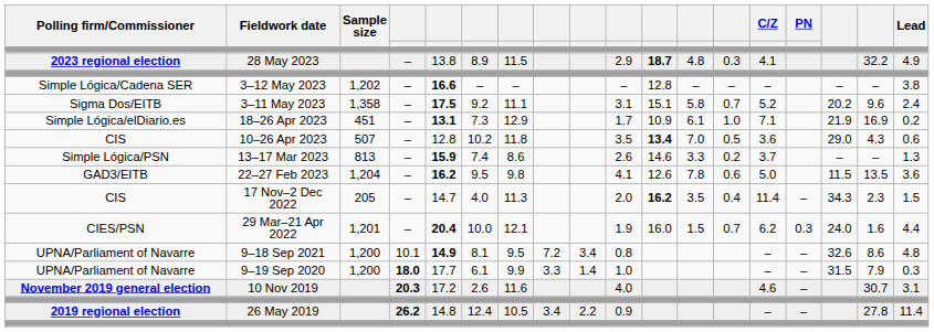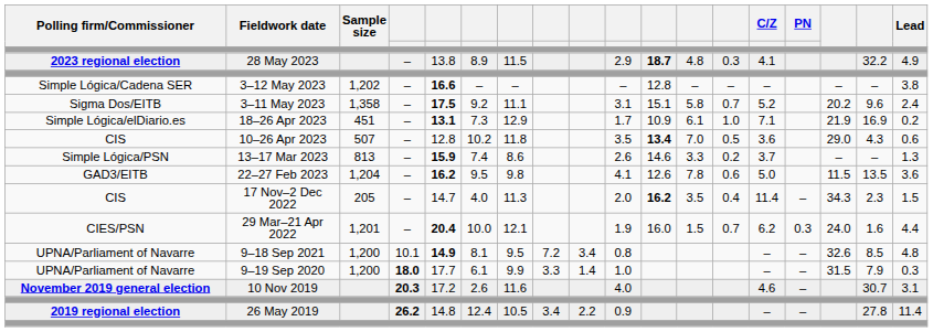 <table class="wikitable collapsible collapsed" style="text-align:center; font-size:90%; line-height:14px;">
 <tr style="height:42px;">
 <th style="width:250px;" rowspan="2">Polling firm/Commissioner</th>
 <th style="width:125px;" rowspan="2">Fieldwork date</th>
 <th style="width:50px;" rowspan="2">Sample size</th>
 <th style="width:35px;"></th>
 <th style="width:35px;"></th>
 <th style="width:35px;"></th>
 <th style="width:35px;"></th>
 <th style="width:35px;"></th>
 <th style="width:35px;"></th>
 <th style="width:35px;"></th>
 <th style="width:35px;"></th>
 <th style="width:35px;"></th>
 <th style="width:35px;"></th>
 <th style="width:35px;"><a href='#'>C/Z</a></th>
 <th style="width:35px;"><a href='#'>PN</a></th>
 <th style="width:35px;" rowspan="2"></th>
 <th style="width:35px;" rowspan="2"></th>
 <th style="width:30px;" rowspan="2">Lead</th>
 </tr>
 <tr>
 <th style="color:inherit;background:"></th>
 <th style="color:inherit;background:"></th>
 <th style="color:inherit;background:"></th>
 <th style="color:inherit;background:"></th>
 <th style="color:inherit;background:"></th>
 <th style="color:inherit;background:"></th>
 <th style="color:inherit;background:"></th>
 <th style="color:inherit;background:"></th>
 <th style="color:inherit;background:"></th>
 <th style="color:inherit;background:"></th>
 <th style="color:inherit;background:"></th>
 <th style="color:inherit;background:"></th>
 </tr>
 <tr>
 <td colspan="18" style="background:#A0A0A0"></td>
 </tr>
 <tr style="background:#EFEFEF;">
 <td><strong><a href='#'>2023 regional election</a></strong></td>
 <td>28 May 2023</td>
 <td></td>
 <td>–</td>
 <td>13.8</td>
 <td>8.9</td>
 <td>11.5</td>
 <td></td>
 <td></td>
 <td>2.9</td>
 <td><strong>18.7</strong></td>
 <td>4.8</td>
 <td>0.3</td>
 <td>4.1</td>
 <td></td>
 <td></td>
 <td>32.2</td>
 <td style="background:">4.9</td>
 </tr>
 <tr>
 <td colspan="18" style="background:#A0A0A0"></td>
 </tr>
 <tr>
 <td>Simple Lógica/Cadena SER</td>
 <td>3–12 May 2023</td>
 <td>1,202</td>
 <td>–</td>
 <td><strong>16.6</strong></td>
 <td>–</td>
 <td>–</td>
 <td></td>
 <td></td>
 <td>–</td>
 <td>12.8</td>
 <td>–</td>
 <td>–</td>
 <td>–</td>
 <td></td>
 <td>–</td>
 <td>–</td>
 <td style="background:">3.8</td>
 </tr>
 <tr>
 <td>Sigma Dos/EITB</td>
 <td>3–11 May 2023</td>
 <td>1,358</td>
 <td>–</td>
 <td><strong>17.5</strong></td>
 <td>9.2</td>
 <td>11.1</td>
 <td></td>
 <td></td>
 <td>3.1</td>
 <td>15.1</td>
 <td>5.8</td>
 <td>0.7</td>
 <td>5.2</td>
 <td></td>
 <td>20.2</td>
 <td>9.6</td>
 <td style="background:">2.4</td>
 </tr>
 <tr>
 <td>Simple Lógica/elDiario.es</td>
 <td>18–26 Apr 2023</td>
 <td>451</td>
 <td>–</td>
 <td><strong>13.1</strong></td>
 <td>7.3</td>
 <td>12.9</td>
 <td></td>
 <td></td>
 <td>1.7</td>
 <td>10.9</td>
 <td>6.1</td>
 <td>1.0</td>
 <td>7.1</td>
 <td></td>
 <td>21.9</td>
 <td>16.9</td>
 <td style="background:">0.2</td>
 </tr>
 <tr>
 <td>CIS</td>
 <td>10–26 Apr 2023</td>
 <td>507</td>
 <td>–</td>
 <td>12.8</td>
 <td>10.2</td>
 <td>11.8</td>
 <td></td>
 <td></td>
 <td>3.5</td>
 <td><strong>13.4</strong></td>
 <td>7.0</td>
 <td>0.5</td>
 <td>3.6</td>
 <td></td>
 <td>29.0</td>
 <td>4.3</td>
 <td style="background:">0.6</td>
 </tr>
 <tr>
 <td>Simple Lógica/PSN</td>
 <td>13–17 Mar 2023</td>
 <td>813</td>
 <td>–</td>
 <td><strong>15.9</strong></td>
 <td>7.4</td>
 <td>8.6</td>
 <td></td>
 <td></td>
 <td>2.6</td>
 <td>14.6</td>
 <td>3.3</td>
 <td>0.2</td>
 <td>3.7</td>
 <td></td>
 <td>–</td>
 <td>–</td>
 <td style="background:">1.3</td>
 </tr>
 <tr>
 <td>GAD3/EITB</td>
 <td>22–27 Feb 2023</td>
 <td>1,204</td>
 <td>–</td>
 <td><strong>16.2</strong></td>
 <td>9.5</td>
 <td>9.8</td>
 <td></td>
 <td></td>
 <td>4.1</td>
 <td>12.6</td>
 <td>7.8</td>
 <td>0.6</td>
 <td>5.0</td>
 <td></td>
 <td>11.5</td>
 <td>13.5</td>
 <td style="background:">3.6</td>
 </tr>
 <tr>
 <td>CIS</td>
 <td>17 Nov–2 Dec 2022</td>
 <td>205</td>
 <td>–</td>
 <td>14.7</td>
 <td>4.0</td>
 <td>11.3</td>
 <td></td>
 <td></td>
 <td>2.0</td>
 <td><strong>16.2</strong></td>
 <td>3.5</td>
 <td>0.4</td>
 <td>11.4</td>
 <td>–</td>
 <td>34.3</td>
 <td>2.3</td>
 <td style="background:">1.5</td>
 </tr>
 <tr>
 <td>CIES/PSN</td>
 <td>29 Mar–21 Apr 2022</td>
 <td>1,201</td>
 <td>–</td>
 <td><strong>20.4</strong></td>
 <td>10.0</td>
 <td>12.1</td>
 <td></td>
 <td></td>
 <td>1.9</td>
 <td>16.0</td>
 <td>1.5</td>
 <td>0.7</td>
 <td>6.2</td>
 <td>0.3</td>
 <td>24.0</td>
 <td>1.6</td>
 <td style="background:">4.4</td>
 </tr>
 <tr>
 <td>UPNA/Parliament of Navarre</td>
 <td>9–18 Sep 2021</td>
 <td>1,200</td>
 <td>10.1</td>
 <td><strong>14.9</strong></td>
 <td>8.1</td>
 <td>9.5</td>
 <td>7.2</td>
 <td>3.4</td>
 <td>0.8</td>
 <td></td>
 <td></td>
 <td></td>
 <td>–</td>
 <td>–</td>
 <td>32.6</td>
-<td>8.6</td>
+<td>8.5</td>
 <td style="background:">4.8</td>
 </tr>
 <tr>
 <td>UPNA/Parliament of Navarre</td>
 <td>9–19 Sep 2020</td>
 <td>1,200</td>
 <td><strong>18.0</strong></td>
 <td>17.7</td>
 <td>6.1</td>
 <td>9.9</td>
 <td>3.3</td>
 <td>1.4</td>
 <td>1.0</td>
 <td></td>
 <td></td>
 <td></td>
 <td>–</td>
 <td>–</td>
 <td>31.5</td>
 <td>7.9</td>
 <td style="background:">0.3</td>
 </tr>
 <tr style="background:#EFEFEF;">
 <td><strong><a href='#'>November 2019 general election</a></strong></td>
 <td>10 Nov 2019</td>
 <td></td>
 <td><strong>20.3</strong></td>
 <td>17.2</td>
 <td>2.6</td>
 <td>11.6</td>
 <td></td>
 <td></td>
 <td>4.0</td>
 <td></td>
 <td></td>
 <td></td>
 <td>4.6</td>
 <td>–</td>
 <td></td>
 <td>30.7</td>
 <td style="background:">3.1</td>
 </tr>
 <tr>
 <td colspan="18" style="background:#A0A0A0"></td>
 </tr>
 <tr style="background:#EFEFEF;">
 <td><strong><a href='#'>2019 regional election</a></strong></td>
 <td>26 May 2019</td>
 <td></td>
 <td><strong>26.2</strong></td>
 <td>14.8</td>
 <td>12.4</td>
 <td>10.5</td>
 <td>3.4</td>
 <td>2.2</td>
 <td>0.9</td>
 <td></td>
 <td></td>
 <td></td>
 <td>–</td>
 <td>–</td>
 <td></td>
 <td>27.8</td>
 <td style="background:">11.4</td>
 </tr>
 <tr>
 <td colspan="18" style="background:#A0A0A0"></td>
 </tr>
 </table>
